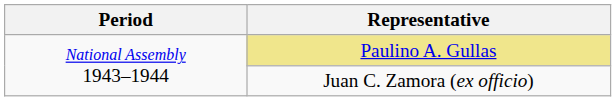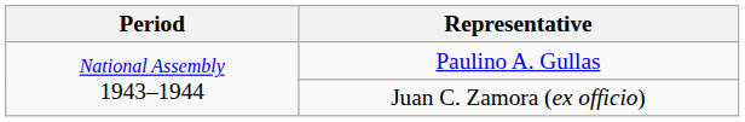 <table class="wikitable" style="text-align:center; width:40%;">
 <tr>
 <th width="40%">Period</th>
 <th>Representative</th>
 </tr>
 <tr>
 <td rowspan="2"><small><a href='#'><em>National Assembly</em></a></small><br>1943–1944</td>
-<td style="background: khaki;"><a href='#'>Paulino A. Gullas</a></td>
+<td><a href='#'>Paulino A. Gullas</a></td>
 </tr>
 <tr>
 <td>Juan C. Zamora (<em>ex officio</em>)</td>
 </tr>
 </table>
